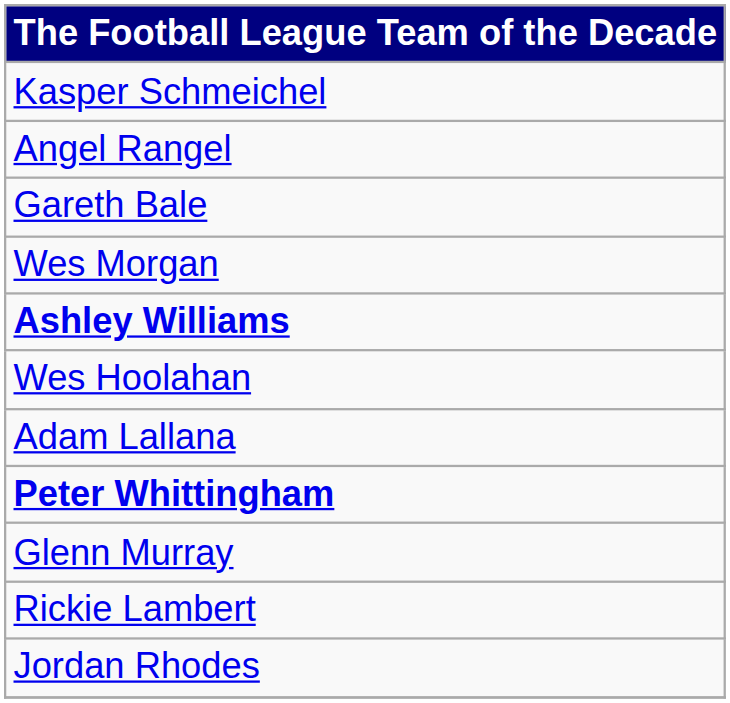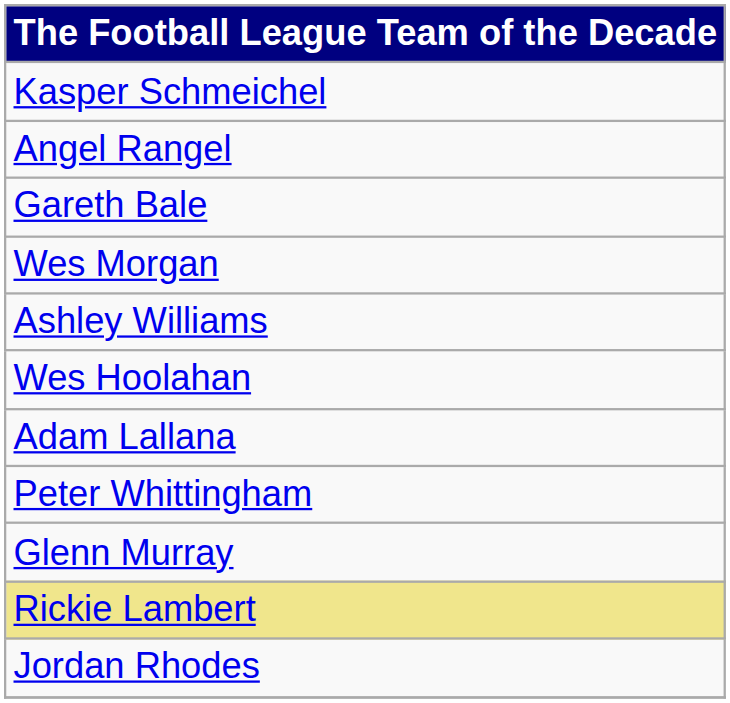 <table class="wikitable">
 <tr>
 <th style="background-color: navy; color: white;" colspan="2">The Football League Team of the Decade</th>
 </tr>
 <tr>
 <td> <a href='#'>Kasper Schmeichel</a></td>
 </tr>
 <tr>
 <td> <a href='#'>Angel Rangel</a></td>
 </tr>
 <tr>
 <td> <a href='#'>Gareth Bale</a></td>
 </tr>
 <tr>
 <td> <a href='#'>Wes Morgan</a></td>
 </tr>
 <tr>
-<td><strong> <a href='#'>Ashley Williams</a></strong></td>
+<td> <a href='#'>Ashley Williams</a></td>
 </tr>
 <tr>
 <td> <a href='#'>Wes Hoolahan</a></td>
 </tr>
 <tr>
 <td> <a href='#'>Adam Lallana</a></td>
 </tr>
 <tr>
-<td><strong> <a href='#'>Peter Whittingham</a></strong></td>
+<td> <a href='#'>Peter Whittingham</a></td>
 </tr>
 <tr>
 <td> <a href='#'>Glenn Murray</a></td>
 </tr>
 <tr>
-<td> <a href='#'>Rickie Lambert</a></td>
+<td style="background: khaki;"> <a href='#'>Rickie Lambert</a></td>
 </tr>
 <tr>
 <td> <a href='#'>Jordan Rhodes</a></td>
 </tr>
 <tr>
 </tr>
 </table>
